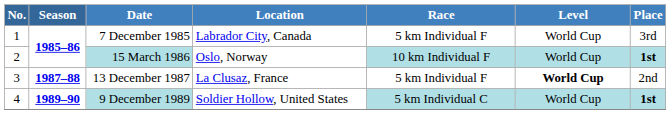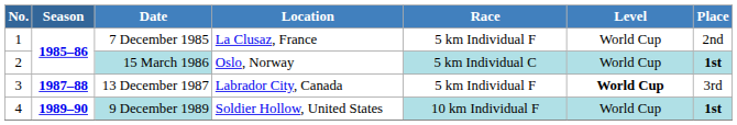 <table class="wikitable sortable" style="font-size:95%; text-align:center; border:grey solid 1px; border-collapse:collapse; background:#ffffff;">
 <tr style="background:#efefef;">
 <th style="background-color:#369; color:white;">No.</th>
 <th style="background-color:#369; color:white;">Season</th>
 <th style="background-color:#4180be; color:white; width:120px;">Date</th>
 <th style="background-color:#4180be; color:white; width:200px;">Location</th>
 <th style="background-color:#4180be; color:white; width:170px;">Race</th>
 <th style="background-color:#4180be; color:white; width:130px;">Level</th>
 <th style="background-color:#4180be; color:white;">Place</th>
 </tr>
 <tr>
 <td align=center>1</td>
 <td rowspan=2 align=center><strong> <a href='#'>1985–86</a> </strong></td>
 <td align=right>7 December 1985</td>
-<td align=left> <a href='#'>Labrador City</a>, Canada</td>
+<td align=left> <a href='#'>La Clusaz</a>, France</td>
 <td>5 km Individual F</td>
 <td>World Cup</td>
-<td>3rd</td>
+<td>2nd</td>
 </tr>
 <tr>
 <td align=center>2</td>
 <td bgcolor="#BOEOE6" align=right>15 March 1986</td>
 <td align=left> <a href='#'>Oslo</a>, Norway</td>
-<td bgcolor="#BOEOE6">10 km Individual F</td>
+<td bgcolor="#BOEOE6">5 km Individual C</td>
 <td bgcolor="#BOEOE6">World Cup</td>
 <td bgcolor="#BOEOE6"><strong>1st</strong></td>
 </tr>
 <tr>
 <td align=center>3</td>
 <td rowspan=1 align=center><strong> <a href='#'>1987–88</a> </strong></td>
 <td align=right>13 December 1987</td>
-<td align=left> <a href='#'>La Clusaz</a>, France</td>
+<td align=left> <a href='#'>Labrador City</a>, Canada</td>
 <td>5 km Individual F</td>
 <td><strong>World Cup</strong></td>
-<td>2nd</td>
+<td>3rd</td>
 </tr>
 <tr>
 <td align=center>4</td>
 <td rowspan=1 align=center><strong><a href='#'>1989–90</a></strong></td>
 <td bgcolor="#BOEOE6" align=right>9 December 1989</td>
 <td align=left> <a href='#'>Soldier Hollow</a>, United States</td>
-<td bgcolor="#BOEOE6">5 km Individual C</td>
+<td bgcolor="#BOEOE6">10 km Individual F</td>
 <td bgcolor="#BOEOE6">World Cup</td>
 <td bgcolor="#BOEOE6"><strong>1st</strong></td>
 </tr>
 <tr>
 </tr>
 </table>
